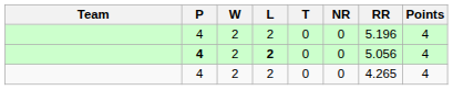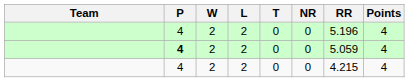 <table class="wikitable" style="text-align: center;">
 <tr>
 <th style="width:40%;">Team</th>
 <th style="width:8%;">P</th>
 <th style="width:8%;">W</th>
 <th style="width:8%;">L</th>
 <th style="width:8%;">T</th>
 <th style="width:8%;">NR</th>
 <th style="width:10%;">RR</th>
 <th style="width:10%;">Points</th>
 </tr>
 <tr style="background:#cfc;">
 <td align=left></td>
 <td>4</td>
 <td>2</td>
 <td>2</td>
 <td>0</td>
 <td>0</td>
 <td>5.196</td>
 <td>4</td>
 </tr>
 <tr style="background:#cfc;">
 <td align=left></td>
 <td><strong>4</strong></td>
 <td>2</td>
-<td><strong>2</strong></td>
+<td>2</td>
 <td>0</td>
 <td>0</td>
-<td>5.056</td>
+<td>5.059</td>
 <td>4</td>
 </tr>
 <tr>
 <td align=left></td>
 <td>4</td>
 <td>2</td>
 <td>2</td>
 <td>0</td>
 <td>0</td>
-<td>4.265</td>
+<td>4.215</td>
 <td>4</td>
 </tr>
 </table>
